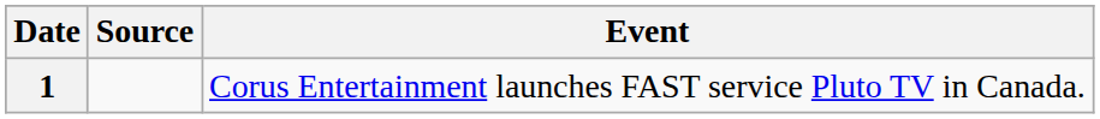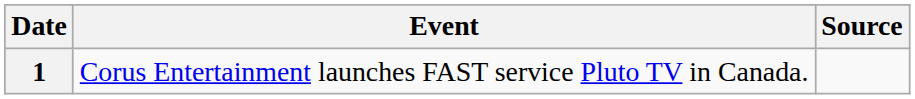 <table class="wikitable">
 <tr>
 <th>Date</th>
+<th>Event</th>
 <th>Source</th>
-<th>Event</th>
 </tr>
 <tr>
 <th>1</th>
+<td><a href='#'>Corus Entertainment</a> launches FAST service <a href='#'>Pluto TV</a> in Canada.</td>
 <td></td>
-<td><a href='#'>Corus Entertainment</a> launches FAST service <a href='#'>Pluto TV</a> in Canada.</td>
 </tr>
 </table>
